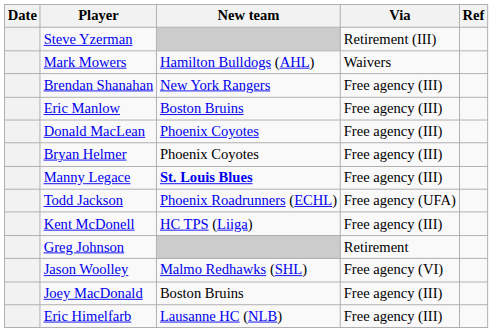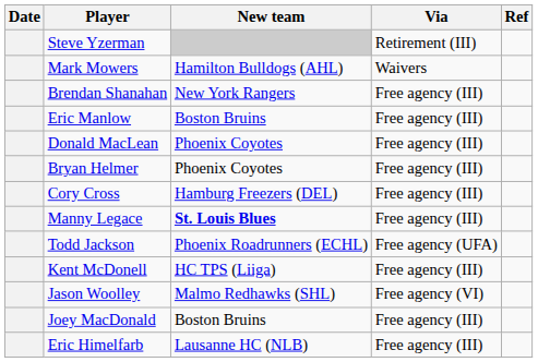 <table class="wikitable plainrowheaders">
 <tr style="background:#ddd; text-align:center;">
 <th>Date</th>
 <th>Player</th>
 <th>New team</th>
 <th>Via</th>
 <th>Ref</th>
 </tr>
 <tr>
 <th scope="row"></th>
 <td><a href='#'>Steve Yzerman</a></td>
 <td style="background:#ccc"></td>
 <td>Retirement (III)</td>
 <td></td>
 </tr>
 <tr>
 <th scope="row"></th>
 <td><a href='#'>Mark Mowers</a></td>
 <td><a href='#'>Hamilton Bulldogs</a> (<a href='#'>AHL</a>)</td>
 <td>Waivers</td>
 <td></td>
 </tr>
 <tr>
 <th scope="row"></th>
 <td><a href='#'>Brendan Shanahan</a></td>
 <td><a href='#'>New York Rangers</a></td>
 <td>Free agency (III)</td>
 <td></td>
 </tr>
 <tr>
 <th scope="row"></th>
 <td><a href='#'>Eric Manlow</a></td>
 <td><a href='#'>Boston Bruins</a></td>
 <td>Free agency (III)</td>
 <td></td>
 </tr>
 <tr>
 <th scope="row"></th>
 <td><a href='#'>Donald MacLean</a></td>
 <td><a href='#'>Phoenix Coyotes</a></td>
 <td>Free agency (III)</td>
 <td></td>
 </tr>
 <tr>
 <th scope="row"></th>
 <td><a href='#'>Bryan Helmer</a></td>
 <td>Phoenix Coyotes</td>
 <td>Free agency (III)</td>
 <td></td>
 </tr>
 <tr>
 <th scope="row"></th>
+<td><a href='#'>Cory Cross</a></td>
+<td><a href='#'>Hamburg Freezers</a> (<a href='#'>DEL</a>)</td>
+<td>Free agency (III)</td>
+<td></td>
+</tr>
+<tr>
+<th scope="row"></th>
 <td><a href='#'>Manny Legace</a></td>
 <td><strong><a href='#'>St. Louis Blues</a></strong></td>
 <td>Free agency (III)</td>
 <td></td>
 </tr>
 <tr>
 <th scope="row"></th>
 <td><a href='#'>Todd Jackson</a></td>
 <td><a href='#'>Phoenix Roadrunners</a> (<a href='#'>ECHL</a>)</td>
 <td>Free agency (UFA)</td>
 <td></td>
 </tr>
 <tr>
 <th scope="row"></th>
 <td><a href='#'>Kent McDonell</a></td>
 <td><a href='#'>HC TPS</a> (<a href='#'>Liiga</a>)</td>
 <td>Free agency (III)</td>
-<td></td>
-</tr>
-<tr>
-<th scope="row"></th>
-<td><a href='#'>Greg Johnson</a></td>
-<td style="background:#ccc"></td>
-<td>Retirement</td>
 <td></td>
 </tr>
 <tr>
 <th scope="row"></th>
 <td><a href='#'>Jason Woolley</a></td>
 <td><a href='#'>Malmo Redhawks</a> (<a href='#'>SHL</a>)</td>
 <td>Free agency (VI)</td>
 <td></td>
 </tr>
 <tr>
 <th scope="row"></th>
 <td><a href='#'>Joey MacDonald</a></td>
 <td>Boston Bruins</td>
 <td>Free agency (III)</td>
 <td></td>
 </tr>
 <tr>
 <th scope="row"></th>
 <td><a href='#'>Eric Himelfarb</a></td>
 <td><a href='#'>Lausanne HC</a> (<a href='#'>NLB</a>)</td>
 <td>Free agency (III)</td>
 <td></td>
 </tr>
 </table>
